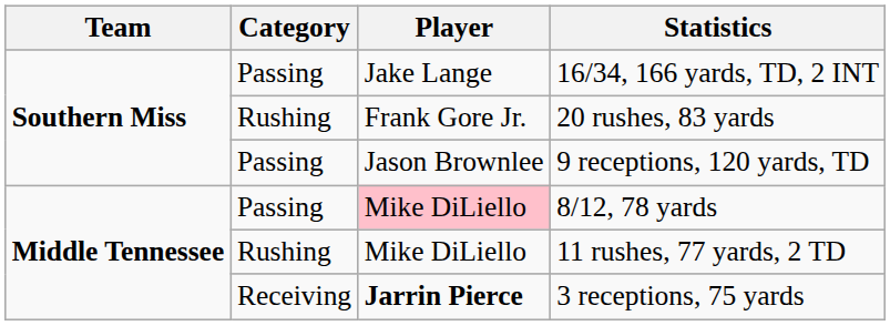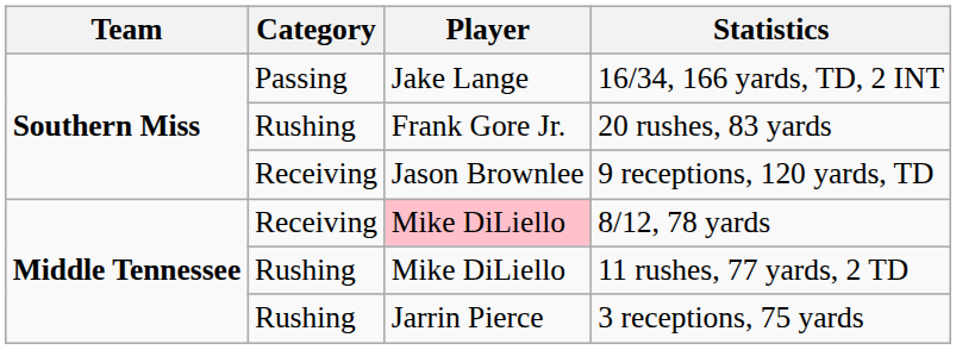 <table class="wikitable" style="float: left;">
 <tr>
 <th>Team</th>
 <th>Category</th>
 <th>Player</th>
 <th>Statistics</th>
 </tr>
 <tr>
 <td rowspan=3><strong>Southern Miss</strong></td>
 <td>Passing</td>
 <td>Jake Lange</td>
 <td>16/34, 166 yards, TD, 2 INT</td>
 </tr>
 <tr>
 <td>Rushing</td>
 <td>Frank Gore Jr.</td>
 <td>20 rushes, 83 yards</td>
 </tr>
 <tr>
-<td>Passing</td>
+<td>Receiving</td>
 <td>Jason Brownlee</td>
 <td>9 receptions, 120 yards, TD</td>
 </tr>
 <tr>
 <td rowspan=3><strong>Middle Tennessee</strong></td>
-<td>Passing</td>
+<td>Receiving</td>
 <td style="background: pink;">Mike DiLiello</td>
 <td>8/12, 78 yards</td>
 </tr>
 <tr>
 <td>Rushing</td>
 <td>Mike DiLiello</td>
 <td>11 rushes, 77 yards, 2 TD</td>
 </tr>
 <tr>
-<td>Receiving</td>
-<td><strong>Jarrin Pierce</strong></td>
+<td>Rushing</td>
+<td>Jarrin Pierce</td>
 <td>3 receptions, 75 yards</td>
 </tr>
 </table>
